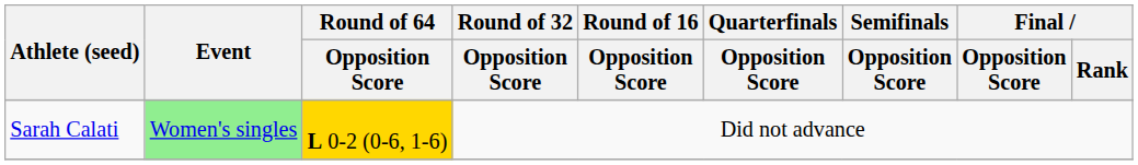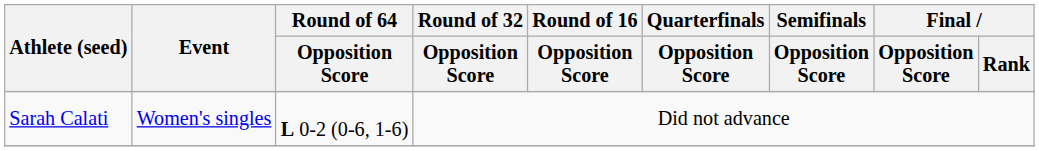 <table class=wikitable>
 <tr>
 <th rowspan="2">Athlete (seed)</th>
 <th rowspan="2">Event</th>
 <th>Round of 64</th>
 <th>Round of 32</th>
 <th>Round of 16</th>
 <th>Quarterfinals</th>
 <th>Semifinals</th>
 <th colspan="2">Final / </th>
 </tr>
 <tr>
 <th>Opposition<br>Score</th>
 <th>Opposition<br>Score</th>
 <th>Opposition<br>Score</th>
 <th>Opposition<br>Score</th>
 <th>Opposition<br>Score</th>
 <th>Opposition<br>Score</th>
 <th>Rank</th>
 </tr>
 <tr>
 </tr>
 <tr>
 <td><a href='#'>Sarah Calati</a></td>
-<td style="background: lightgreen;"><a href='#'>Women's singles</a></td>
-<td align="center" style="background: gold;"><br><strong>L</strong> 0-2 (0-6, 1-6)</td>
+<td><a href='#'>Women's singles</a></td>
+<td align="center"><br><strong>L</strong> 0-2 (0-6, 1-6)</td>
 <td align="center" colspan=6>Did not advance</td>
 </tr>
 <tr>
 </tr>
 </table>
